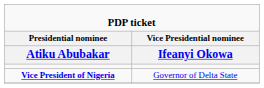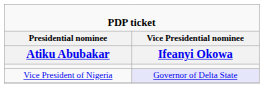 <table class="wikitable" style="font-size:90%; text-align:center;">
 <tr>
 <td colspan="5" style="background:"><br><big><strong>PDP ticket</strong></big></td>
 </tr>
 <tr>
 <th>Presidential nominee</th>
 <th>Vice Presidential nominee</th>
 </tr>
 <tr>
 <th style="width:3em; font-size:135%; width:200px;"><a href='#'>Atiku Abubakar</a></th>
 <th style="width:3em; font-size:135%; width:200px;"><a href='#'>Ifeanyi Okowa</a></th>
 </tr>
 <tr>
 <td></td>
 <td></td>
 </tr>
 <tr>
-<td><strong><a href='#'>Vice President of Nigeria</a><br></strong></td>
-<td><a href='#'>Governor of Delta State</a><br></td>
+<td><a href='#'>Vice President of Nigeria</a><br></td>
+<td style="background: lavender;"><a href='#'>Governor of Delta State</a><br></td>
 </tr>
 <tr>
 </tr>
 </table>
